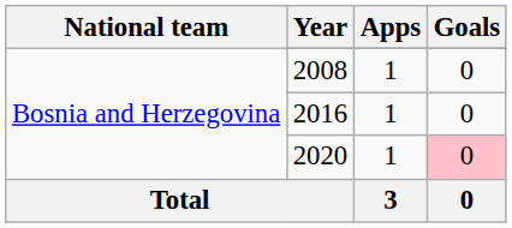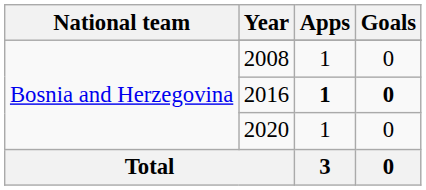 <table class="wikitable" style="text-align:center">
 <tr>
 <th>National team</th>
 <th>Year</th>
 <th>Apps</th>
 <th>Goals</th>
 </tr>
 <tr>
 <td rowspan=4><a href='#'>Bosnia and Herzegovina</a></td>
 </tr>
 <tr>
 <td>2008</td>
 <td>1</td>
 <td>0</td>
 </tr>
 <tr>
 <td>2016</td>
-<td>1</td>
-<td>0</td>
+<td><strong>1</strong></td>
+<td><strong>0</strong></td>
 </tr>
 <tr>
 <td>2020</td>
 <td>1</td>
-<td style="background: pink;">0</td>
+<td>0</td>
 </tr>
 <tr>
 <th colspan=2>Total</th>
 <th>3</th>
 <th>0</th>
 </tr>
 </table>
